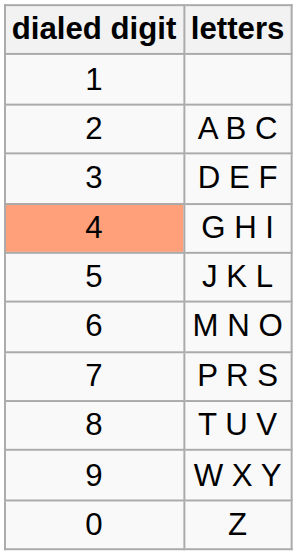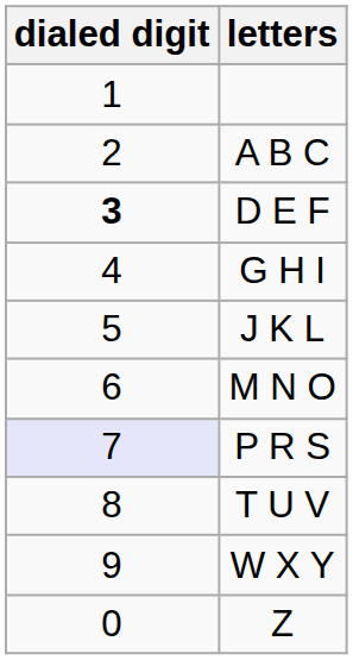 <table class="wikitable" style="float:right; text-align:center;">
 <tr>
 <th>dialed digit</th>
 <th>letters</th>
 </tr>
 <tr>
 <td>1</td>
 <td></td>
 </tr>
 <tr>
 <td>2</td>
 <td>A B C</td>
 </tr>
 <tr>
-<td>3</td>
+<td><strong>3</strong></td>
 <td>D E F</td>
 </tr>
 <tr>
-<td style="background: lightsalmon;">4</td>
+<td>4</td>
 <td>G H I</td>
 </tr>
 <tr>
 <td>5</td>
 <td>J K L</td>
 </tr>
 <tr>
 <td>6</td>
 <td>M N O</td>
 </tr>
 <tr>
-<td>7</td>
+<td style="background: lavender;">7</td>
 <td>P R S</td>
 </tr>
 <tr>
 <td>8</td>
 <td>T U V</td>
 </tr>
 <tr>
 <td>9</td>
 <td>W X Y</td>
 </tr>
 <tr>
 <td>0</td>
 <td>Z</td>
 </tr>
 </table>
